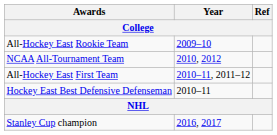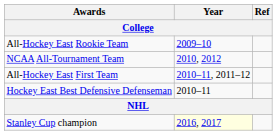 <table class="wikitable">
 <tr>
 <th>Awards</th>
 <th>Year</th>
 <th>Ref</th>
 </tr>
 <tr>
 <th colspan="3"><a href='#'>College</a></th>
 </tr>
 <tr>
 <td>All-<a href='#'>Hockey East</a> <a href='#'>Rookie Team</a></td>
 <td><a href='#'>2009–10</a></td>
 <td></td>
 </tr>
 <tr>
 <td><a href='#'>NCAA</a> <a href='#'>All-Tournament Team</a></td>
 <td><a href='#'>2010</a>, <a href='#'>2012</a></td>
 <td></td>
 </tr>
 <tr>
 <td>All-<a href='#'>Hockey East</a> <a href='#'>First Team</a></td>
 <td><a href='#'>2010–11</a>, 2011–12</td>
 <td></td>
 </tr>
 <tr>
 <td><a href='#'>Hockey East Best Defensive Defenseman</a></td>
 <td>2010–11</td>
 <td></td>
 </tr>
 <tr>
 <th colspan="3"><a href='#'>NHL</a></th>
 </tr>
 <tr>
 <td><a href='#'>Stanley Cup</a> champion</td>
-<td><a href='#'>2016</a>, <a href='#'>2017</a></td>
+<td style="background: lightyellow;"><a href='#'>2016</a>, <a href='#'>2017</a></td>
 <td></td>
 </tr>
 </table>
